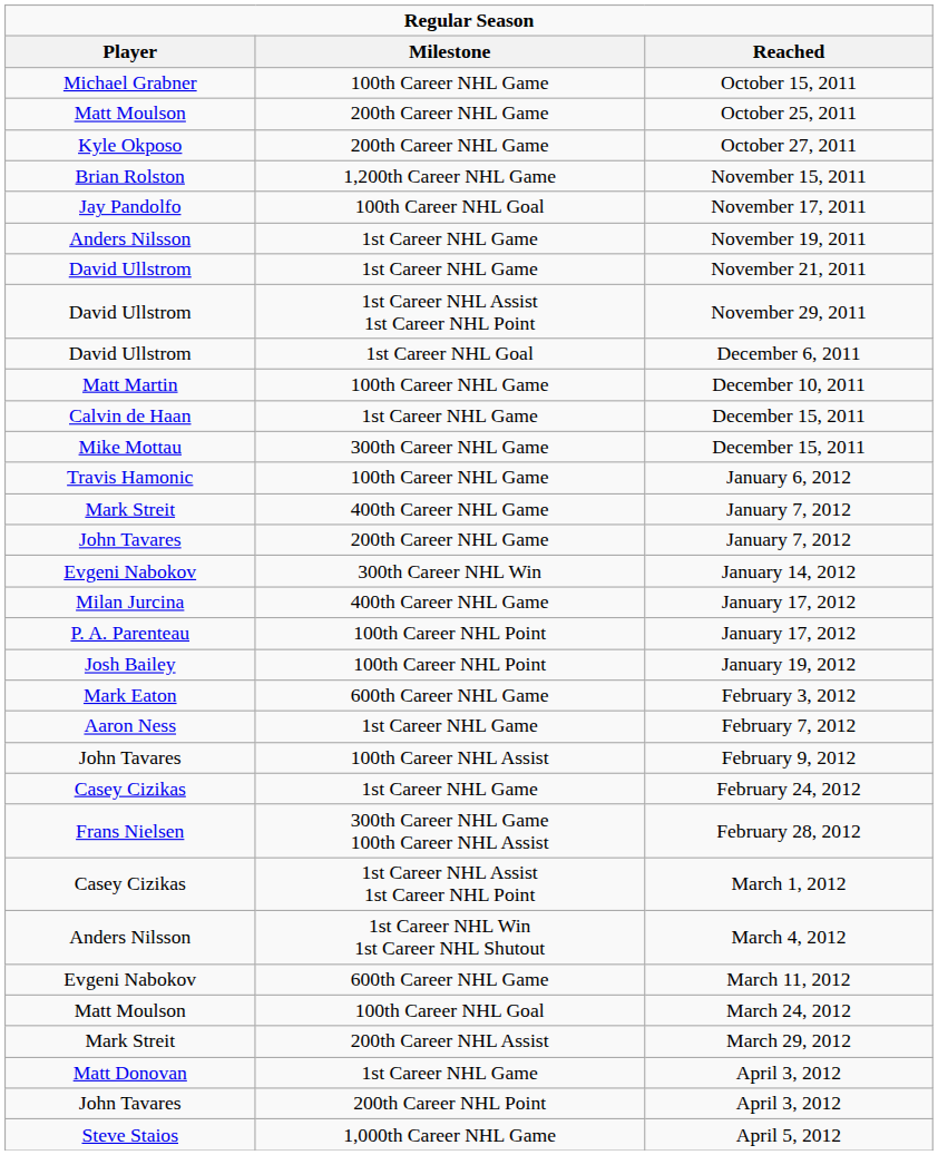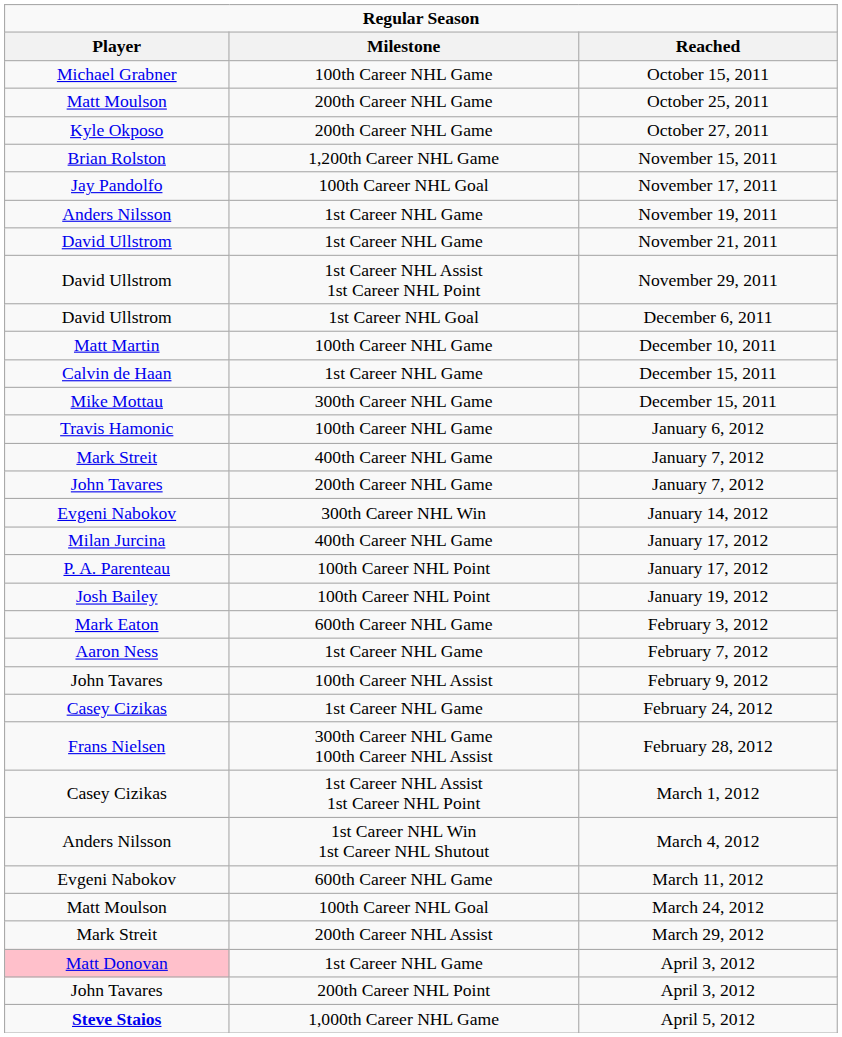 <table class="wikitable" style="width:60%; text-align:center;">
 <tr>
 <td colspan="10" style="text-align:center;"><strong>Regular Season</strong></td>
 </tr>
 <tr>
 <th>Player</th>
 <th>Milestone</th>
 <th>Reached</th>
 </tr>
 <tr>
 <td><a href='#'>Michael Grabner</a></td>
 <td>100th Career NHL Game</td>
 <td>October 15, 2011</td>
 </tr>
 <tr>
 <td><a href='#'>Matt Moulson</a></td>
 <td>200th Career NHL Game</td>
 <td>October 25, 2011</td>
 </tr>
 <tr>
 <td><a href='#'>Kyle Okposo</a></td>
 <td>200th Career NHL Game</td>
 <td>October 27, 2011</td>
 </tr>
 <tr>
 <td><a href='#'>Brian Rolston</a></td>
 <td>1,200th Career NHL Game</td>
 <td>November 15, 2011</td>
 </tr>
 <tr>
 <td><a href='#'>Jay Pandolfo</a></td>
 <td>100th Career NHL Goal</td>
 <td>November 17, 2011</td>
 </tr>
 <tr>
 <td><a href='#'>Anders Nilsson</a></td>
 <td>1st Career NHL Game</td>
 <td>November 19, 2011</td>
 </tr>
 <tr>
 <td><a href='#'>David Ullstrom</a></td>
 <td>1st Career NHL Game</td>
 <td>November 21, 2011</td>
 </tr>
 <tr>
 <td>David Ullstrom</td>
 <td>1st Career NHL Assist<br>1st Career NHL Point</td>
 <td>November 29, 2011</td>
 </tr>
 <tr>
 <td>David Ullstrom</td>
 <td>1st Career NHL Goal</td>
 <td>December 6, 2011</td>
 </tr>
 <tr>
 <td><a href='#'>Matt Martin</a></td>
 <td>100th Career NHL Game</td>
 <td>December 10, 2011</td>
 </tr>
 <tr>
 <td><a href='#'>Calvin de Haan</a></td>
 <td>1st Career NHL Game</td>
 <td>December 15, 2011</td>
 </tr>
 <tr>
 <td><a href='#'>Mike Mottau</a></td>
 <td>300th Career NHL Game</td>
 <td>December 15, 2011</td>
 </tr>
 <tr>
 <td><a href='#'>Travis Hamonic</a></td>
 <td>100th Career NHL Game</td>
 <td>January 6, 2012</td>
 </tr>
 <tr>
 <td><a href='#'>Mark Streit</a></td>
 <td>400th Career NHL Game</td>
 <td>January 7, 2012</td>
 </tr>
 <tr>
 <td><a href='#'>John Tavares</a></td>
 <td>200th Career NHL Game</td>
 <td>January 7, 2012</td>
 </tr>
 <tr>
 <td><a href='#'>Evgeni Nabokov</a></td>
 <td>300th Career NHL Win</td>
 <td>January 14, 2012</td>
 </tr>
 <tr>
 <td><a href='#'>Milan Jurcina</a></td>
 <td>400th Career NHL Game</td>
 <td>January 17, 2012</td>
 </tr>
 <tr>
 <td><a href='#'>P. A. Parenteau</a></td>
 <td>100th Career NHL Point</td>
 <td>January 17, 2012</td>
 </tr>
 <tr>
 <td><a href='#'>Josh Bailey</a></td>
 <td>100th Career NHL Point</td>
 <td>January 19, 2012</td>
 </tr>
 <tr>
 <td><a href='#'>Mark Eaton</a></td>
 <td>600th Career NHL Game</td>
 <td>February 3, 2012</td>
 </tr>
 <tr>
 <td><a href='#'>Aaron Ness</a></td>
 <td>1st Career NHL Game</td>
 <td>February 7, 2012</td>
 </tr>
 <tr>
 <td>John Tavares</td>
 <td>100th Career NHL Assist</td>
 <td>February 9, 2012</td>
 </tr>
 <tr>
 <td><a href='#'>Casey Cizikas</a></td>
 <td>1st Career NHL Game</td>
 <td>February 24, 2012</td>
 </tr>
 <tr>
 <td><a href='#'>Frans Nielsen</a></td>
 <td>300th Career NHL Game<br>100th Career NHL Assist</td>
 <td>February 28, 2012</td>
 </tr>
 <tr>
 <td>Casey Cizikas</td>
 <td>1st Career NHL Assist<br>1st Career NHL Point</td>
 <td>March 1, 2012</td>
 </tr>
 <tr>
 <td>Anders Nilsson</td>
 <td>1st Career NHL Win<br>1st Career NHL Shutout</td>
 <td>March 4, 2012</td>
 </tr>
 <tr>
 <td>Evgeni Nabokov</td>
 <td>600th Career NHL Game</td>
 <td>March 11, 2012</td>
 </tr>
 <tr>
 <td>Matt Moulson</td>
 <td>100th Career NHL Goal</td>
 <td>March 24, 2012</td>
 </tr>
 <tr>
 <td>Mark Streit</td>
 <td>200th Career NHL Assist</td>
 <td>March 29, 2012</td>
 </tr>
 <tr>
-<td><a href='#'>Matt Donovan</a></td>
+<td style="background: pink;"><a href='#'>Matt Donovan</a></td>
 <td>1st Career NHL Game</td>
 <td>April 3, 2012</td>
 </tr>
 <tr>
 <td>John Tavares</td>
 <td>200th Career NHL Point</td>
 <td>April 3, 2012</td>
 </tr>
 <tr>
-<td><a href='#'>Steve Staios</a></td>
+<td><strong><a href='#'>Steve Staios</a></strong></td>
 <td>1,000th Career NHL Game</td>
 <td>April 5, 2012</td>
 </tr>
 </table>
